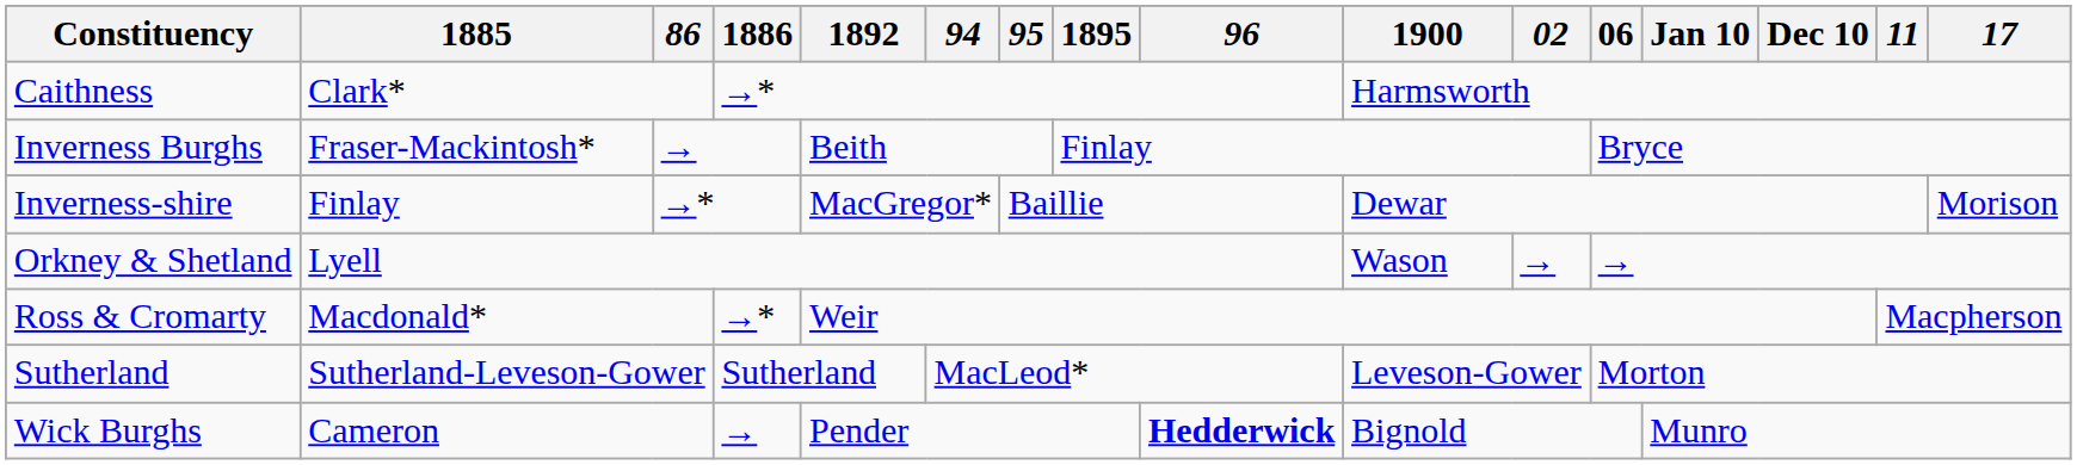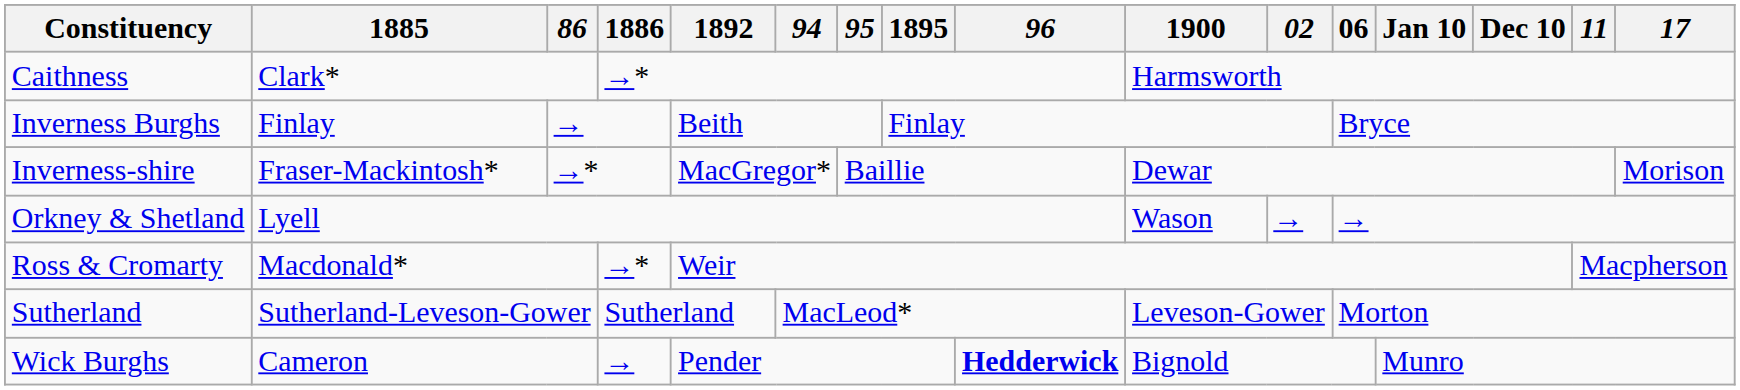 <table class="wikitable">
 <tr>
 <th>Constituency</th>
 <th>1885</th>
 <th><em>86</em></th>
 <th>1886</th>
 <th>1892</th>
 <th><em>94</em></th>
 <th><em>95</em></th>
 <th>1895</th>
 <th><em>96</em></th>
 <th>1900</th>
 <th><em>02</em></th>
 <th>06</th>
 <th>Jan 10</th>
 <th>Dec 10</th>
 <th><em>11</em></th>
 <th><em>17</em></th>
 </tr>
 <tr>
 <td><a href='#'>Caithness</a></td>
 <td colspan="2"><a href='#'>Clark</a>*</td>
 <td colspan="6"><a href='#'>→</a>*</td>
 <td colspan="7"><a href='#'>Harmsworth</a></td>
 </tr>
 <tr>
 <td><a href='#'>Inverness Burghs</a></td>
-<td><a href='#'>Fraser-Mackintosh</a>*</td>
+<td><a href='#'>Finlay</a></td>
 <td colspan="2"><a href='#'>→</a></td>
 <td colspan="3"><a href='#'>Beith</a></td>
 <td colspan="4"><a href='#'>Finlay</a></td>
 <td colspan="5"><a href='#'>Bryce</a></td>
 </tr>
 <tr>
 <td><a href='#'>Inverness-shire</a></td>
-<td><a href='#'>Finlay</a></td>
+<td><a href='#'>Fraser-Mackintosh</a>*</td>
 <td colspan="2"><a href='#'>→</a>*</td>
 <td colspan="2"><a href='#'>MacGregor</a>*</td>
 <td colspan="3"><a href='#'>Baillie</a></td>
 <td colspan="6"><a href='#'>Dewar</a></td>
 <td><a href='#'>Morison</a></td>
 </tr>
 <tr>
 <td><a href='#'>Orkney & Shetland</a></td>
 <td colspan="8"><a href='#'>Lyell</a></td>
 <td><a href='#'>Wason</a></td>
 <td><a href='#'>→</a></td>
 <td colspan="5"><a href='#'>→</a></td>
 </tr>
 <tr>
 <td><a href='#'>Ross & Cromarty</a></td>
 <td colspan="2"><a href='#'>Macdonald</a>*</td>
 <td><a href='#'>→</a>*</td>
 <td colspan="10"><a href='#'>Weir</a></td>
 <td colspan="2"><a href='#'>Macpherson</a></td>
 </tr>
 <tr>
 <td><a href='#'>Sutherland</a></td>
 <td colspan="2"><a href='#'>Sutherland-Leveson-Gower</a></td>
 <td colspan="2"><a href='#'>Sutherland</a></td>
 <td colspan="4"><a href='#'>MacLeod</a>*</td>
 <td colspan="2"><a href='#'>Leveson-Gower</a></td>
 <td colspan="5"><a href='#'>Morton</a></td>
 </tr>
 <tr>
 <td><a href='#'>Wick Burghs</a></td>
 <td colspan="2"><a href='#'>Cameron</a></td>
 <td><a href='#'>→</a></td>
 <td colspan="4"><a href='#'>Pender</a></td>
 <td><strong><a href='#'>Hedderwick</a></strong></td>
 <td colspan="3"><a href='#'>Bignold</a></td>
 <td colspan="4"><a href='#'>Munro</a></td>
 </tr>
 </table>
